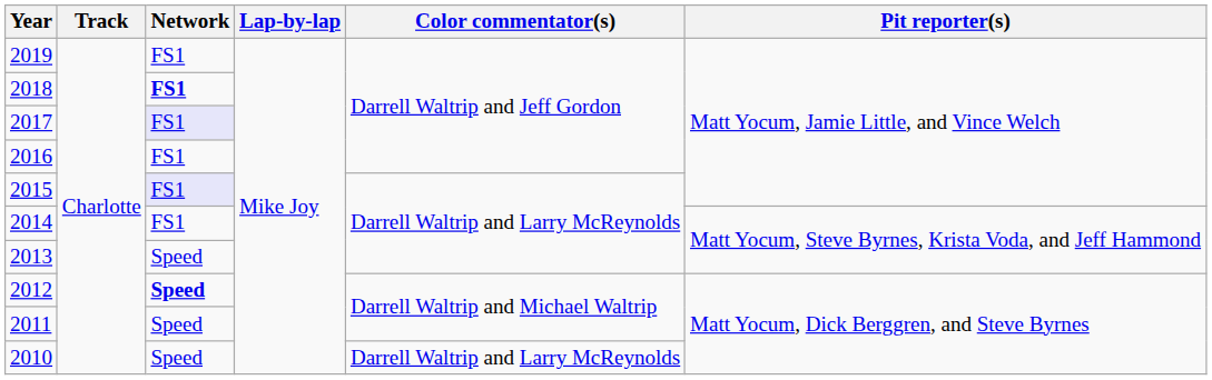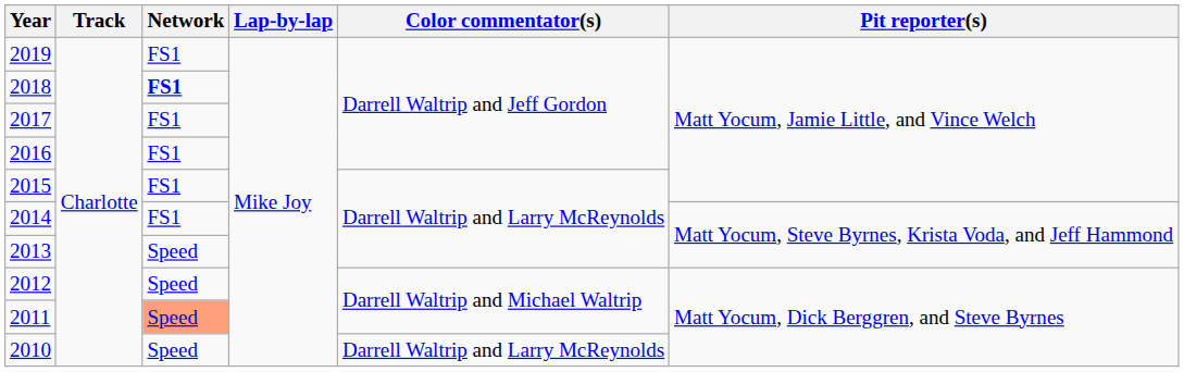 <table class="wikitable">
 <tr>
 <th>Year</th>
 <th>Track</th>
 <th>Network</th>
 <th><a href='#'>Lap-by-lap</a></th>
 <th><a href='#'>Color commentator</a>(s)</th>
 <th><a href='#'>Pit reporter</a>(s)</th>
 </tr>
 <tr>
 <td><a href='#'>2019</a></td>
 <td rowspan="10"><a href='#'>Charlotte</a></td>
 <td><a href='#'>FS1</a></td>
 <td rowspan=10><a href='#'>Mike Joy</a></td>
 <td rowspan=4><a href='#'>Darrell Waltrip</a> and <a href='#'>Jeff Gordon</a></td>
 <td rowspan=5><a href='#'>Matt Yocum</a>, <a href='#'>Jamie Little</a>, and <a href='#'>Vince Welch</a></td>
 </tr>
 <tr>
 <td><a href='#'>2018</a></td>
 <td><strong><a href='#'>FS1</a></strong></td>
 </tr>
 <tr>
 <td><a href='#'>2017</a></td>
-<td style="background: lavender;"><a href='#'>FS1</a></td>
+<td><a href='#'>FS1</a></td>
 </tr>
 <tr>
 <td><a href='#'>2016</a></td>
 <td><a href='#'>FS1</a></td>
 </tr>
 <tr>
 <td><a href='#'>2015</a></td>
-<td style="background: lavender;"><a href='#'>FS1</a></td>
+<td><a href='#'>FS1</a></td>
 <td rowspan=3><a href='#'>Darrell Waltrip</a> and <a href='#'>Larry McReynolds</a></td>
 </tr>
 <tr>
 <td><a href='#'>2014</a></td>
 <td><a href='#'>FS1</a></td>
 <td rowspan=2><a href='#'>Matt Yocum</a>, <a href='#'>Steve Byrnes</a>, <a href='#'>Krista Voda</a>, and <a href='#'>Jeff Hammond</a></td>
 </tr>
 <tr>
 <td><a href='#'>2013</a></td>
 <td><a href='#'>Speed</a></td>
 </tr>
 <tr>
 <td><a href='#'>2012</a></td>
-<td><strong><a href='#'>Speed</a></strong></td>
+<td><a href='#'>Speed</a></td>
 <td rowspan=2><a href='#'>Darrell Waltrip</a> and <a href='#'>Michael Waltrip</a></td>
 <td rowspan=3><a href='#'>Matt Yocum</a>, <a href='#'>Dick Berggren</a>, and <a href='#'>Steve Byrnes</a></td>
 </tr>
 <tr>
 <td><a href='#'>2011</a></td>
-<td><a href='#'>Speed</a></td>
+<td style="background: lightsalmon;"><a href='#'>Speed</a></td>
 </tr>
 <tr>
 <td><a href='#'>2010</a></td>
 <td><a href='#'>Speed</a></td>
 <td><a href='#'>Darrell Waltrip</a> and <a href='#'>Larry McReynolds</a></td>
 </tr>
 </table>
